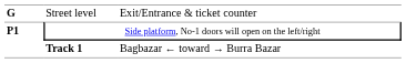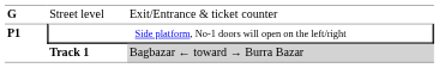 <table table border=0 cellspacing=0 cellpadding=3>
 <tr>
 <td style="border-top:solid 1px gray;" width=50 valign=top><strong>G</strong></td>
 <td style="border-top:solid 1px gray;" width=100 valign=top>Street level</td>
 <td style="border-top:solid 1px gray;" width=400 valign=top>Exit/Entrance & ticket counter</td>
 </tr>
 <tr>
 <td style="border-top:solid 1px gray;border-bottom:solid 1px gray;" width=50 rowspan=6 valign=top><strong>P1</strong></td>
 <td style="border-top:solid 1px gray;border-right:solid 2px black;border-left:solid 2px black;border-bottom:solid 2px black;text-align:center;" colspan=2><small><a href='#'>Side platform</a>, No-1 doors will open on the left/right</small></td>
 </tr>
 <tr>
 <td style="border-bottom:solid 1px gray;" width=100><strong>Track 1</strong></td>
-<td style="border-bottom:solid 1px gray;" width=400>Bagbazar ← toward → Burra Bazar</td>
+<td style="background: lightgrey; border-bottom:solid 1px gray;" width=400>Bagbazar ← toward → Burra Bazar</td>
 </tr>
 <tr>
 </tr>
 </table>
